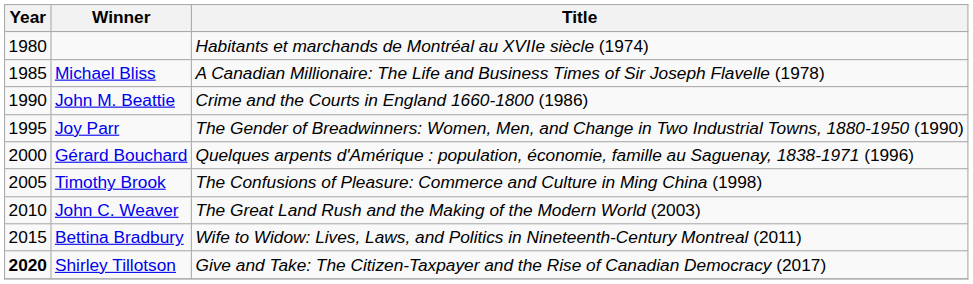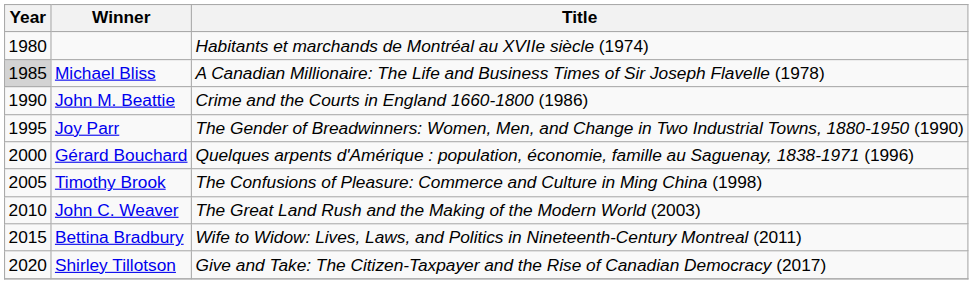 <table class="wikitable">
 <tr>
 <th>Year</th>
 <th>Winner</th>
 <th>Title</th>
 </tr>
 <tr>
 <td>1980</td>
 <td></td>
 <td><em>Habitants et marchands de Montréal au XVIIe siècle</em> (1974)</td>
 </tr>
 <tr>
-<td>1985</td>
+<td style="background: lightgrey;">1985</td>
 <td><a href='#'>Michael Bliss</a></td>
 <td><em>A Canadian Millionaire: The Life and Business Times of Sir Joseph Flavelle</em> (1978)</td>
 </tr>
 <tr>
 <td>1990</td>
 <td><a href='#'>John M. Beattie</a></td>
 <td><em>Crime and the Courts in England 1660-1800</em> (1986)</td>
 </tr>
 <tr>
 <td>1995</td>
 <td><a href='#'>Joy Parr</a></td>
 <td><em>The Gender of Breadwinners: Women, Men, and Change in Two Industrial Towns, 1880-1950</em> (1990)</td>
 </tr>
 <tr>
 <td>2000</td>
 <td><a href='#'>Gérard Bouchard</a></td>
 <td><em>Quelques arpents d'Amérique : population, économie, famille au Saguenay, 1838-1971</em> (1996)</td>
 </tr>
 <tr>
 <td>2005</td>
 <td><a href='#'>Timothy Brook</a></td>
 <td><em>The Confusions of Pleasure: Commerce and Culture in Ming China</em> (1998)</td>
 </tr>
 <tr>
 <td>2010</td>
 <td><a href='#'>John C. Weaver</a></td>
 <td><em>The Great Land Rush and the Making of the Modern World</em> (2003)</td>
 </tr>
 <tr>
 <td>2015</td>
 <td><a href='#'>Bettina Bradbury</a></td>
 <td><em>Wife to Widow: Lives, Laws, and Politics in Nineteenth-Century Montreal</em> (2011)</td>
 </tr>
 <tr>
-<td><strong>2020</strong></td>
+<td>2020</td>
 <td><a href='#'>Shirley Tillotson</a></td>
 <td><em>Give and Take: The Citizen-Taxpayer and the Rise of Canadian Democracy</em> (2017)</td>
 </tr>
 <tr>
 </tr>
 </table>
